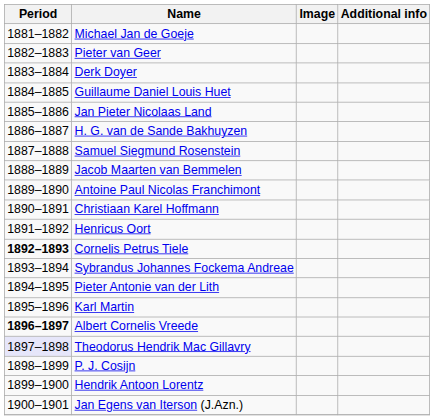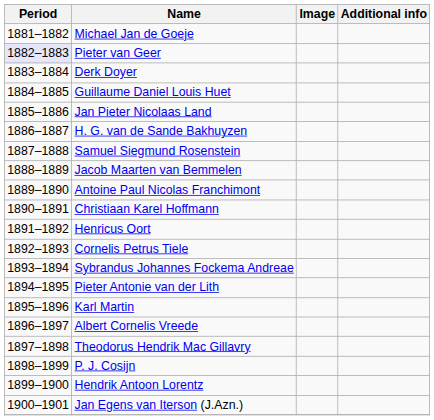 <table class="wikitable">
 <tr>
 <th>Period</th>
 <th>Name</th>
 <th>Image</th>
 <th>Additional info</th>
 </tr>
 <tr>
 <td>1881–1882</td>
 <td><a href='#'>Michael Jan de Goeje</a></td>
 <td></td>
 <td></td>
 </tr>
 <tr>
-<td>1882–1883</td>
+<td style="background: lavender;">1882–1883</td>
 <td><a href='#'>Pieter van Geer</a></td>
 <td></td>
 <td></td>
 </tr>
 <tr>
 <td>1883–1884</td>
 <td><a href='#'>Derk Doyer</a></td>
 <td></td>
 <td></td>
 </tr>
 <tr>
 <td>1884–1885</td>
 <td><a href='#'>Guillaume Daniel Louis Huet</a></td>
 <td></td>
 <td></td>
 </tr>
 <tr>
 <td>1885–1886</td>
 <td><a href='#'>Jan Pieter Nicolaas Land</a></td>
 <td></td>
 <td></td>
 </tr>
 <tr>
 <td>1886–1887</td>
 <td><a href='#'>H. G. van de Sande Bakhuyzen</a></td>
 <td></td>
 <td></td>
 </tr>
 <tr>
 <td>1887–1888</td>
 <td><a href='#'>Samuel Siegmund Rosenstein</a></td>
 <td></td>
 <td></td>
 </tr>
 <tr>
 <td>1888–1889</td>
 <td><a href='#'>Jacob Maarten van Bemmelen</a></td>
 <td></td>
 <td></td>
 </tr>
 <tr>
 <td>1889–1890</td>
 <td><a href='#'>Antoine Paul Nicolas Franchimont</a></td>
 <td></td>
 <td></td>
 </tr>
 <tr>
 <td>1890–1891</td>
 <td><a href='#'>Christiaan Karel Hoffmann</a></td>
 <td></td>
 <td></td>
 </tr>
 <tr>
 <td>1891–1892</td>
 <td><a href='#'>Henricus Oort</a></td>
 <td></td>
 <td></td>
 </tr>
 <tr>
-<td><strong>1892–1893</strong></td>
+<td>1892–1893</td>
 <td><a href='#'>Cornelis Petrus Tiele</a></td>
 <td></td>
 <td></td>
 </tr>
 <tr>
 <td>1893–1894</td>
 <td><a href='#'>Sybrandus Johannes Fockema Andreae</a></td>
 <td></td>
 <td></td>
 </tr>
 <tr>
 <td>1894–1895</td>
 <td><a href='#'>Pieter Antonie van der Lith</a></td>
 <td></td>
 <td></td>
 </tr>
 <tr>
 <td>1895–1896</td>
 <td><a href='#'>Karl Martin</a></td>
 <td></td>
 <td></td>
 </tr>
 <tr>
-<td><strong>1896–1897</strong></td>
+<td>1896–1897</td>
 <td><a href='#'>Albert Cornelis Vreede</a></td>
 <td></td>
 <td></td>
 </tr>
 <tr>
-<td style="background: lavender;">1897–1898</td>
+<td>1897–1898</td>
 <td><a href='#'>Theodorus Hendrik Mac Gillavry</a></td>
 <td></td>
 <td></td>
 </tr>
 <tr>
 <td>1898–1899</td>
 <td><a href='#'>P. J. Cosijn</a></td>
 <td></td>
 <td></td>
 </tr>
 <tr>
 <td>1899–1900</td>
 <td><a href='#'>Hendrik Antoon Lorentz</a></td>
 <td></td>
 <td></td>
 </tr>
 <tr>
 <td>1900–1901</td>
 <td><a href='#'>Jan Egens van Iterson</a> (J.Azn.)</td>
 <td></td>
 <td></td>
 </tr>
 <tr>
 </tr>
 </table>
